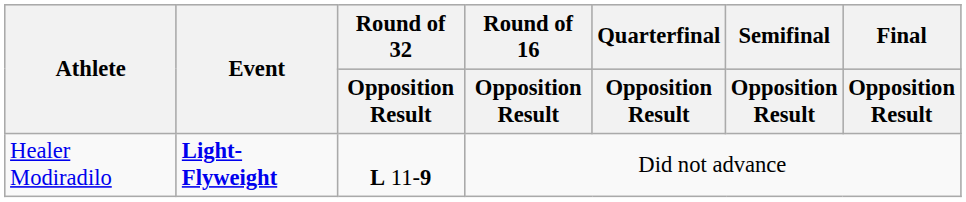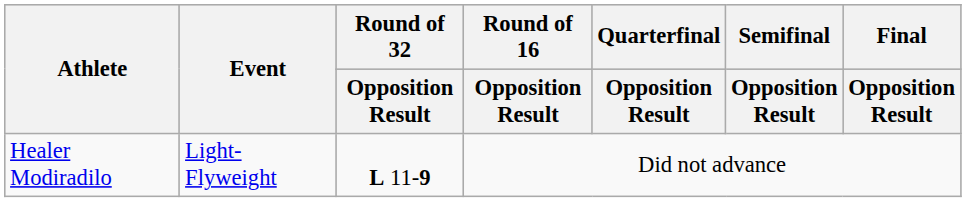 <table class=wikitable style=font-size:90%>
 <tr>
 <th rowspan=2>Athlete</th>
 <th rowspan=2>Event</th>
 <th>Round of 32</th>
 <th>Round of 16</th>
 <th>Quarterfinal</th>
 <th>Semifinal</th>
 <th>Final</th>
 </tr>
 <tr>
 <th>Opposition<br>Result</th>
 <th>Opposition<br>Result</th>
 <th>Opposition<br>Result</th>
 <th>Opposition<br>Result</th>
 <th>Opposition<br>Result</th>
 </tr>
 <tr>
 <td><a href='#'>Healer Modiradilo</a></td>
-<td><strong><a href='#'>Light-Flyweight</a></strong></td>
+<td><a href='#'>Light-Flyweight</a></td>
 <td align=center><br><strong>L</strong> 11-<strong>9</strong></td>
 <td colspan=4 align=center>Did not advance</td>
 </tr>
 </table>
